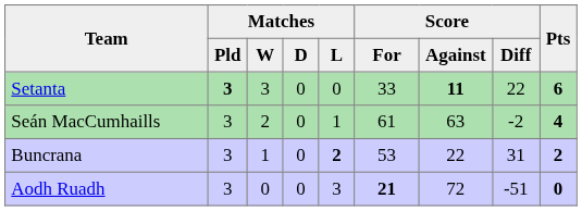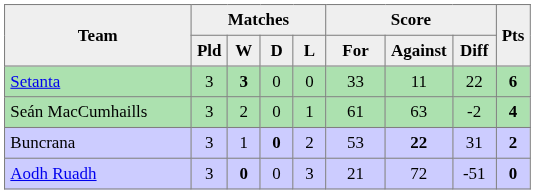 <table style=border-collapse:collapse border=1 cellspacing=0 cellpadding=5>
 <tr align=center bgcolor=#efefef>
 <th rowspan=2 width=165>Team</th>
 <th colspan=4>Matches</th>
 <th colspan=3>Score</th>
 <th rowspan=2width=20>Pts</th>
 </tr>
 <tr align=center bgcolor=#efefef>
 <th width=20>Pld</th>
 <th width=20>W</th>
 <th width=20>D</th>
 <th width=20>L</th>
 <th width=45>For</th>
 <th width=45>Against</th>
 <th width=30>Diff</th>
 </tr>
 <tr align=center style="background:#ACE1AF;">
 <td style="text-align:left;"><a href='#'>Setanta</a></td>
+<td>3</td>
 <td><strong>3</strong></td>
-<td>3</td>
 <td>0</td>
 <td>0</td>
 <td>33</td>
-<td><strong>11</strong></td>
+<td>11</td>
 <td>22</td>
 <td><strong>6</strong></td>
 </tr>
 <tr align=center style="background:#ACE1AF;">
 <td style="text-align:left;">Seán MacCumhaills</td>
 <td>3</td>
 <td>2</td>
 <td>0</td>
 <td>1</td>
 <td>61</td>
 <td>63</td>
 <td>-2</td>
 <td><strong>4</strong></td>
 </tr>
 <tr align=center style="background:#ccccff;">
 <td style="text-align:left;">Buncrana</td>
 <td>3</td>
 <td>1</td>
-<td>0</td>
-<td><strong>2</strong></td>
+<td><strong>0</strong></td>
+<td>2</td>
 <td>53</td>
-<td>22</td>
+<td><strong>22</strong></td>
 <td>31</td>
 <td><strong>2</strong></td>
 </tr>
 <tr align=center style="background:#ccccff;">
 <td style="text-align:left;"><a href='#'>Aodh Ruadh</a></td>
 <td>3</td>
-<td>0</td>
+<td><strong>0</strong></td>
 <td>0</td>
 <td>3</td>
-<td><strong>21</strong></td>
+<td>21</td>
 <td>72</td>
 <td>-51</td>
 <td><strong>0</strong></td>
 </tr>
 </table>
